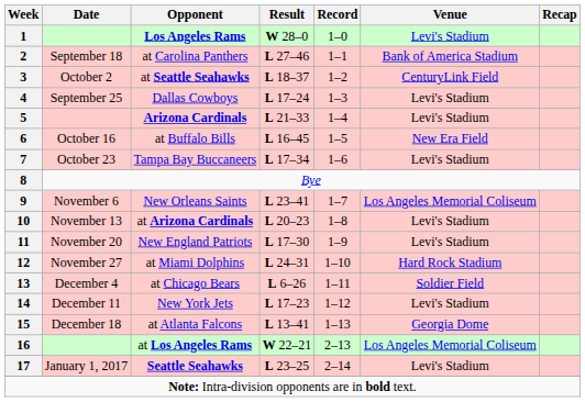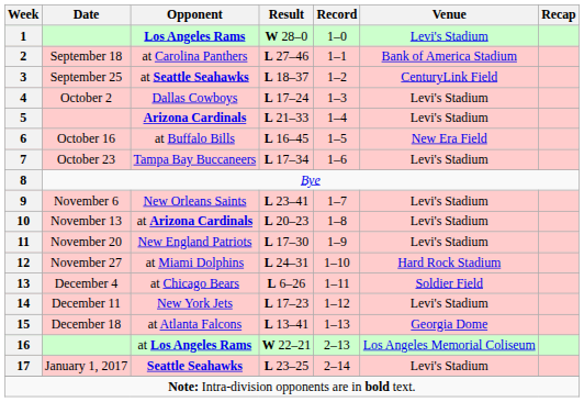 <table class="wikitable" style="text-align:center">
 <tr>
 <th>Week</th>
 <th>Date</th>
 <th>Opponent</th>
 <th>Result</th>
 <th>Record</th>
 <th>Venue</th>
 <th>Recap</th>
 </tr>
 <tr style="background:#cfc">
 <th>1</th>
 <td></td>
 <td><strong><a href='#'>Los Angeles Rams</a></strong></td>
 <td><strong>W</strong> 28–0</td>
 <td>1–0</td>
 <td><a href='#'>Levi's Stadium</a></td>
 <td></td>
 </tr>
 <tr style="background:#fcc">
 <th>2</th>
 <td>September 18</td>
 <td>at <a href='#'>Carolina Panthers</a></td>
 <td><strong>L</strong> 27–46</td>
 <td>1–1</td>
 <td><a href='#'>Bank of America Stadium</a></td>
 <td></td>
 </tr>
 <tr style="background:#fcc">
 <th>3</th>
-<td>October 2</td>
+<td>September 25</td>
 <td>at <strong><a href='#'>Seattle Seahawks</a></strong></td>
 <td><strong>L</strong> 18–37</td>
 <td>1–2</td>
 <td><a href='#'>CenturyLink Field</a></td>
 <td></td>
 </tr>
 <tr style="background:#fcc">
 <th>4</th>
-<td>September 25</td>
+<td>October 2</td>
 <td><a href='#'>Dallas Cowboys</a></td>
 <td><strong>L</strong> 17–24</td>
 <td>1–3</td>
 <td>Levi's Stadium</td>
 <td></td>
 </tr>
 <tr style="background:#fcc">
 <th>5</th>
 <td></td>
 <td><strong><a href='#'>Arizona Cardinals</a></strong></td>
 <td><strong>L</strong> 21–33</td>
 <td>1–4</td>
 <td>Levi's Stadium</td>
 <td></td>
 </tr>
 <tr style="background:#fcc">
 <th>6</th>
 <td>October 16</td>
 <td>at <a href='#'>Buffalo Bills</a></td>
 <td><strong>L</strong> 16–45</td>
 <td>1–5</td>
 <td><a href='#'>New Era Field</a></td>
 <td></td>
 </tr>
 <tr style="background:#fcc">
 <th>7</th>
 <td>October 23</td>
 <td><a href='#'>Tampa Bay Buccaneers</a></td>
 <td><strong>L</strong> 17–34</td>
 <td>1–6</td>
 <td>Levi's Stadium</td>
 <td></td>
 </tr>
 <tr>
 <th>8</th>
 <td colspan=6><em><a href='#'>Bye</a></em></td>
 </tr>
 <tr style="background:#fcc">
 <th>9</th>
 <td>November 6</td>
 <td><a href='#'>New Orleans Saints</a></td>
 <td><strong>L</strong> 23–41</td>
 <td>1–7</td>
-<td><a href='#'>Los Angeles Memorial Coliseum</a></td>
+<td>Levi's Stadium</td>
 <td></td>
 </tr>
 <tr style="background:#fcc">
 <th>10</th>
 <td>November 13</td>
 <td>at <strong><a href='#'>Arizona Cardinals</a></strong></td>
 <td><strong>L</strong> 20–23</td>
 <td>1–8</td>
 <td>Levi's Stadium</td>
 <td></td>
 </tr>
 <tr style="background:#fcc">
 <th>11</th>
 <td>November 20</td>
 <td><a href='#'>New England Patriots</a></td>
 <td><strong>L</strong> 17–30</td>
 <td>1–9</td>
 <td>Levi's Stadium</td>
 <td></td>
 </tr>
 <tr style="background:#fcc">
 <th>12</th>
 <td>November 27</td>
 <td>at <a href='#'>Miami Dolphins</a></td>
 <td><strong>L</strong> 24–31</td>
 <td>1–10</td>
 <td><a href='#'>Hard Rock Stadium</a></td>
 <td></td>
 </tr>
 <tr style="background:#fcc">
 <th>13</th>
 <td>December 4</td>
 <td>at <a href='#'>Chicago Bears</a></td>
 <td><strong>L</strong> 6–26</td>
 <td>1–11</td>
 <td><a href='#'>Soldier Field</a></td>
 <td></td>
 </tr>
 <tr style="background:#fcc">
 <th>14</th>
 <td>December 11</td>
 <td><a href='#'>New York Jets</a></td>
 <td><strong>L</strong> 17–23 </td>
 <td>1–12</td>
 <td>Levi's Stadium</td>
 <td></td>
 </tr>
 <tr style="background:#fcc">
 <th>15</th>
 <td>December 18</td>
 <td>at <a href='#'>Atlanta Falcons</a></td>
 <td><strong>L</strong> 13–41</td>
 <td>1–13</td>
 <td><a href='#'>Georgia Dome</a></td>
 <td></td>
 </tr>
 <tr style="background:#cfc">
 <th>16</th>
 <td></td>
 <td>at <strong><a href='#'>Los Angeles Rams</a></strong></td>
 <td><strong>W</strong> 22–21</td>
 <td>2–13</td>
 <td><a href='#'>Los Angeles Memorial Coliseum</a></td>
 <td></td>
 </tr>
 <tr style="background:#fcc">
 <th>17</th>
 <td>January 1, 2017</td>
 <td><strong><a href='#'>Seattle Seahawks</a></strong></td>
 <td><strong>L</strong> 23–25</td>
 <td>2–14</td>
 <td>Levi's Stadium</td>
 <td></td>
 </tr>
 <tr>
 </tr>
 <tr>
 <td colspan="8"><strong>Note:</strong> Intra-division opponents are in <strong>bold</strong> text.</td>
 </tr>
 </table>
